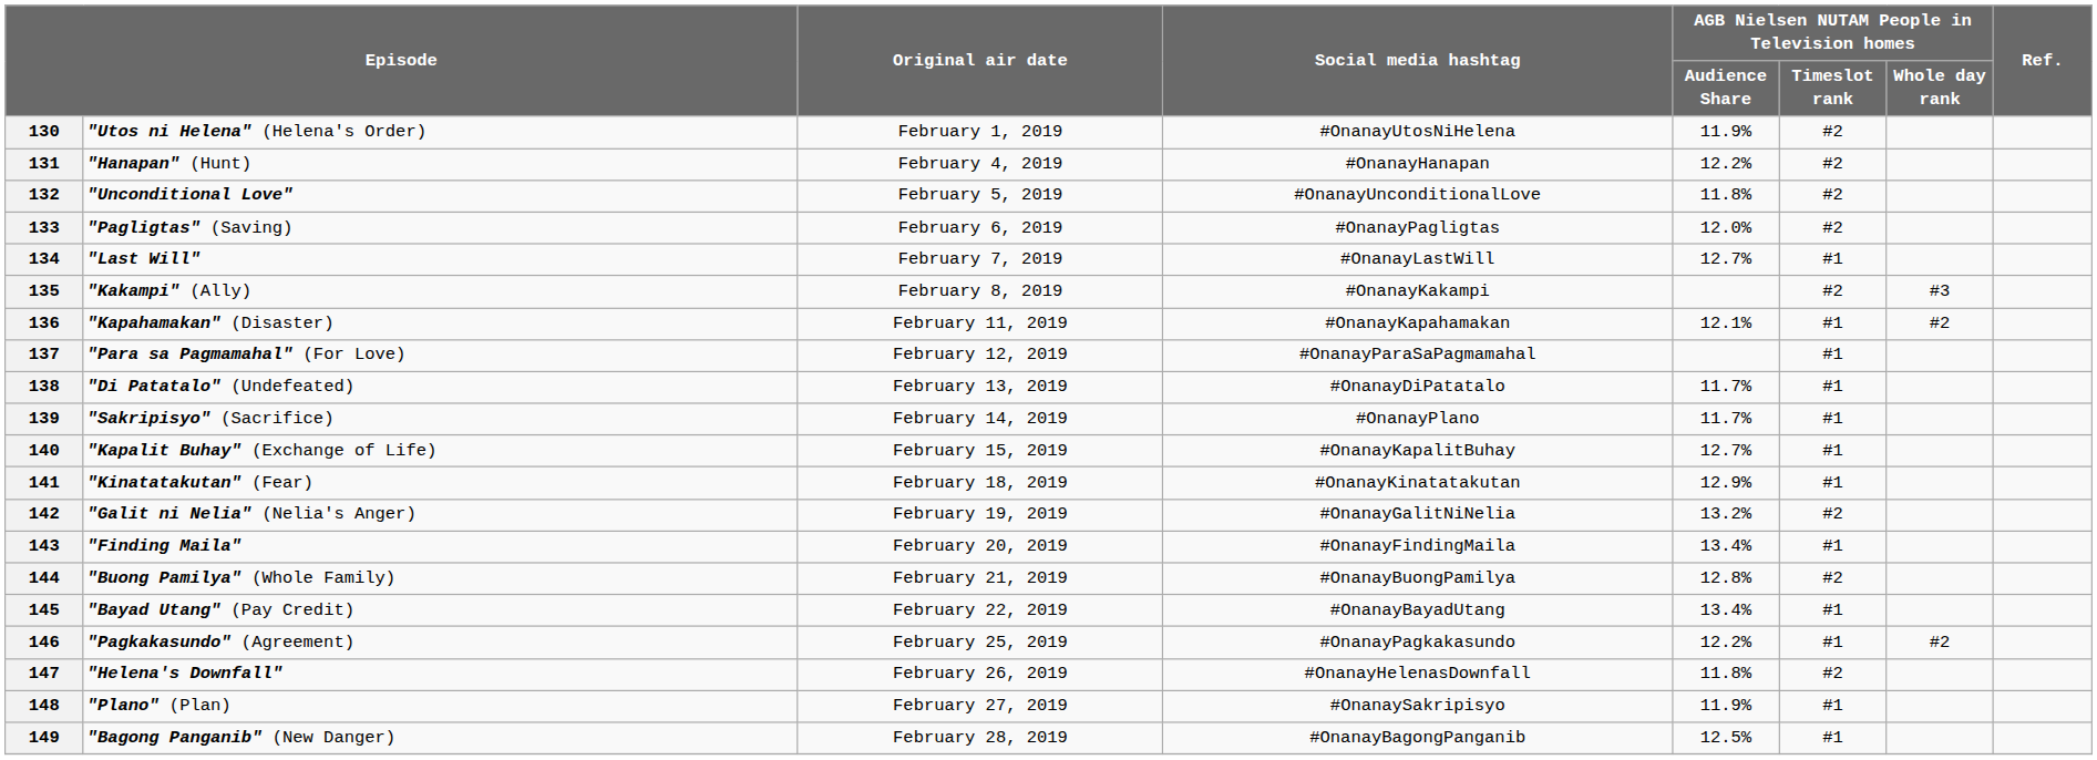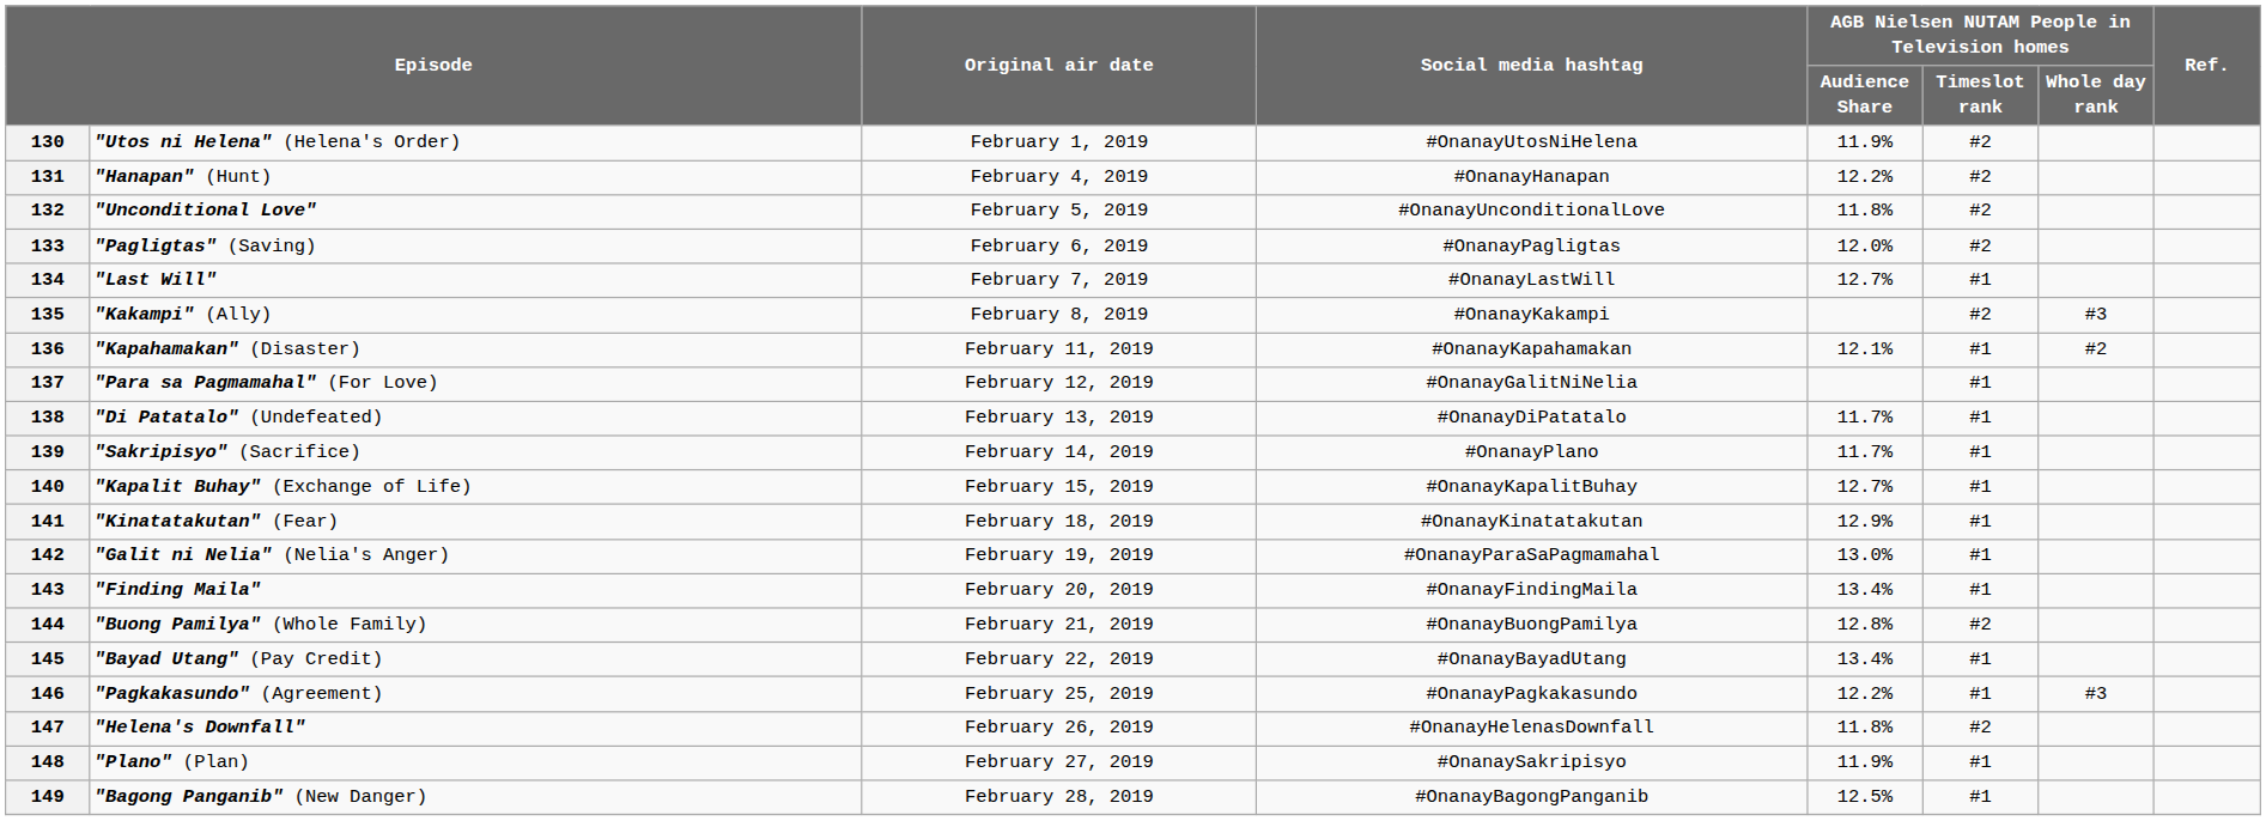 <table class="wikitable" style="text-align:center; font-size:100%; line-height:18px;" width="100%">
 <tr>
 <th style="background-color:#696969; color:#ffffff;" colspan="2" rowspan="2">Episode</th>
 <th style="background-color:#696969; color:white" rowspan="2">Original air date</th>
 <th style="background-color:#696969; color:white" rowspan="2">Social media hashtag</th>
 <th style="background-color:#696969; color:#ffffff;" colspan="3">AGB Nielsen NUTAM People in Television homes</th>
 <th style="background-color:#696969; color:#ffffff;" rowspan="2">Ref.</th>
 </tr>
 <tr>
 <th style="background-color:#696969; width:75px; color:#ffffff;">Audience Share</th>
 <th style="background-color:#696969; width:75px; color:#ffffff;">Timeslot<br>rank</th>
 <th style="background-color:#696969; width:75px; color:#ffffff;">Whole day<br>rank</th>
 </tr>
 <tr>
 <th>130</th>
 <td style="text-align: left;"><strong><em>"Utos ni Helena"</em></strong> (Helena's Order)</td>
 <td>February 1, 2019</td>
 <td>#OnanayUtosNiHelena</td>
 <td>11.9%</td>
 <td>#2</td>
 <td></td>
 <td></td>
 </tr>
 <tr>
 <th>131</th>
 <td style="text-align: left;"><strong><em>"Hanapan"</em></strong> (Hunt)</td>
 <td>February 4, 2019</td>
 <td>#OnanayHanapan</td>
 <td>12.2%</td>
 <td>#2</td>
 <td></td>
 <td></td>
 </tr>
 <tr>
 <th>132</th>
 <td style="text-align: left;"><strong><em>"Unconditional Love"</em></strong></td>
 <td>February 5, 2019</td>
 <td>#OnanayUnconditionalLove</td>
 <td>11.8%</td>
 <td>#2</td>
 <td></td>
 <td></td>
 </tr>
 <tr>
 <th>133</th>
 <td style="text-align: left;"><strong><em>"Pagligtas"</em></strong> (Saving)</td>
 <td>February 6, 2019</td>
 <td>#OnanayPagligtas</td>
 <td>12.0%</td>
 <td>#2</td>
 <td></td>
 <td></td>
 </tr>
 <tr>
 <th>134</th>
 <td style="text-align: left;"><strong><em>"Last Will"</em></strong></td>
 <td>February 7, 2019</td>
 <td>#OnanayLastWill</td>
 <td>12.7%</td>
 <td>#1</td>
 <td></td>
 <td></td>
 </tr>
 <tr>
 <th>135</th>
 <td style="text-align: left;"><strong><em>"Kakampi"</em></strong> (Ally)</td>
 <td>February 8, 2019</td>
 <td>#OnanayKakampi</td>
 <td></td>
 <td>#2</td>
 <td>#3</td>
 <td></td>
 </tr>
 <tr>
 <th>136</th>
 <td style="text-align: left;"><strong><em>"Kapahamakan"</em></strong> (Disaster)</td>
 <td>February 11, 2019</td>
 <td>#OnanayKapahamakan</td>
 <td>12.1%</td>
 <td>#1</td>
 <td>#2</td>
 <td></td>
 </tr>
 <tr>
 <th>137</th>
 <td style="text-align: left;"><strong><em>"Para sa Pagmamahal"</em></strong> (For Love)</td>
 <td>February 12, 2019</td>
-<td>#OnanayParaSaPagmamahal</td>
+<td>#OnanayGalitNiNelia</td>
 <td></td>
 <td>#1</td>
 <td></td>
 <td></td>
 </tr>
 <tr>
 <th>138</th>
 <td style="text-align: left;"><strong><em>"Di Patatalo"</em></strong> (Undefeated)</td>
 <td>February 13, 2019</td>
 <td>#OnanayDiPatatalo</td>
 <td>11.7%</td>
 <td>#1</td>
 <td></td>
 <td></td>
 </tr>
 <tr>
 <th>139</th>
 <td style="text-align: left;"><strong><em>"Sakripisyo"</em></strong> (Sacrifice)</td>
 <td>February 14, 2019</td>
 <td>#OnanayPlano</td>
 <td>11.7%</td>
 <td>#1</td>
 <td></td>
 <td></td>
 </tr>
 <tr>
 <th>140</th>
 <td style="text-align: left;"><strong><em>"Kapalit Buhay"</em></strong> (Exchange of Life)</td>
 <td>February 15, 2019</td>
 <td>#OnanayKapalitBuhay</td>
 <td>12.7%</td>
 <td>#1</td>
 <td></td>
 <td></td>
 </tr>
 <tr>
 <th>141</th>
 <td style="text-align: left;"><strong><em>"Kinatatakutan"</em></strong> (Fear)</td>
 <td>February 18, 2019</td>
 <td>#OnanayKinatatakutan</td>
 <td>12.9%</td>
 <td>#1</td>
 <td></td>
 <td></td>
 </tr>
 <tr>
 <th>142</th>
 <td style="text-align: left;"><strong><em>"Galit ni Nelia"</em></strong> (Nelia's Anger)</td>
 <td>February 19, 2019</td>
-<td>#OnanayGalitNiNelia</td>
-<td>13.2%</td>
-<td>#2</td>
+<td>#OnanayParaSaPagmamahal</td>
+<td>13.0%</td>
+<td>#1</td>
 <td></td>
 <td></td>
 </tr>
 <tr>
 <th>143</th>
 <td style="text-align: left;"><strong><em>"Finding Maila"</em></strong></td>
 <td>February 20, 2019</td>
 <td>#OnanayFindingMaila</td>
 <td>13.4%</td>
 <td>#1</td>
 <td></td>
 <td></td>
 </tr>
 <tr>
 <th>144</th>
 <td style="text-align: left;"><strong><em>"Buong Pamilya"</em></strong> (Whole Family)</td>
 <td>February 21, 2019</td>
 <td>#OnanayBuongPamilya</td>
 <td>12.8%</td>
 <td>#2</td>
 <td></td>
 <td></td>
 </tr>
 <tr>
 <th>145</th>
 <td style="text-align: left;"><strong><em>"Bayad Utang"</em></strong> (Pay Credit)</td>
 <td>February 22, 2019</td>
 <td>#OnanayBayadUtang</td>
 <td>13.4%</td>
 <td>#1</td>
 <td></td>
 <td></td>
 </tr>
 <tr>
 <th>146</th>
 <td style="text-align: left;"><strong><em>"Pagkakasundo"</em></strong> (Agreement)</td>
 <td>February 25, 2019</td>
 <td>#OnanayPagkakasundo</td>
 <td>12.2%</td>
 <td>#1</td>
-<td>#2</td>
+<td>#3</td>
 <td></td>
 </tr>
 <tr>
 <th>147</th>
 <td style="text-align: left;"><strong><em>"Helena's Downfall"</em></strong></td>
 <td>February 26, 2019</td>
 <td>#OnanayHelenasDownfall</td>
 <td>11.8%</td>
 <td>#2</td>
 <td></td>
 <td></td>
 </tr>
 <tr>
 <th>148</th>
 <td style="text-align: left;"><strong><em>"Plano"</em></strong> (Plan)</td>
 <td>February 27, 2019</td>
 <td>#OnanaySakripisyo</td>
 <td>11.9%</td>
 <td>#1</td>
 <td></td>
 <td></td>
 </tr>
 <tr>
 <th>149</th>
 <td style="text-align: left;"><strong><em>"Bagong Panganib"</em></strong> (New Danger)</td>
 <td>February 28, 2019</td>
 <td>#OnanayBagongPanganib</td>
 <td>12.5%</td>
 <td>#1</td>
 <td></td>
 <td></td>
 </tr>
 <tr>
 </tr>
 </table>
